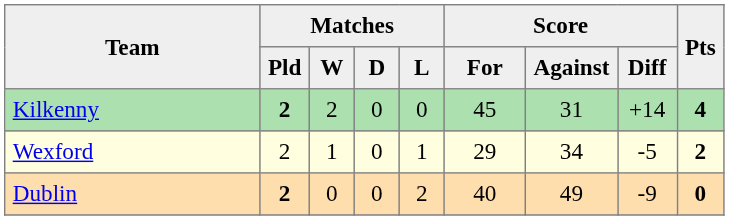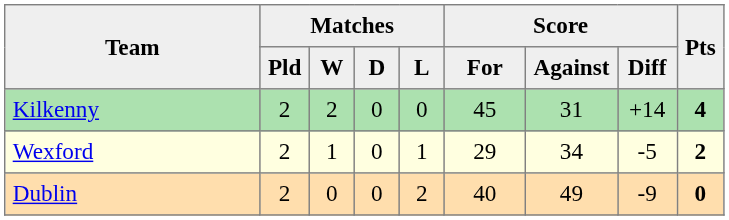 <table style=border-collapse:collapse border=1 cellspacing=0 cellpadding=5>
 <tr align=center bgcolor=#efefef>
 <th rowspan=2 width=165>Team</th>
 <th colspan=4>Matches</th>
 <th colspan=3>Score</th>
 <th rowspan=2width=20>Pts</th>
 </tr>
 <tr align=center bgcolor=#efefef>
 <th width=20>Pld</th>
 <th width=20>W</th>
 <th width=20>D</th>
 <th width=20>L</th>
 <th width=45>For</th>
 <th width=45>Against</th>
 <th width=30>Diff</th>
 </tr>
 <tr align=center style="background:#ACE1AF;">
 <td style="text-align:left;"> <a href='#'>Kilkenny</a></td>
-<td><strong>2</strong></td>
+<td>2</td>
 <td>2</td>
 <td>0</td>
 <td>0</td>
 <td>45</td>
 <td>31</td>
 <td>+14</td>
 <td><strong>4</strong></td>
 </tr>
 <tr align=center style="background:#FFFFE0;">
 <td style="text-align:left;"> <a href='#'>Wexford</a></td>
 <td>2</td>
 <td>1</td>
 <td>0</td>
 <td>1</td>
 <td>29</td>
 <td>34</td>
 <td>-5</td>
 <td><strong>2</strong></td>
 </tr>
 <tr align=center style="background:#FFDEAD;">
 <td style="text-align:left;"> <a href='#'>Dublin</a></td>
-<td><strong>2</strong></td>
+<td>2</td>
 <td>0</td>
 <td>0</td>
 <td>2</td>
 <td>40</td>
 <td>49</td>
 <td>-9</td>
 <td><strong>0</strong></td>
 </tr>
 </table>
